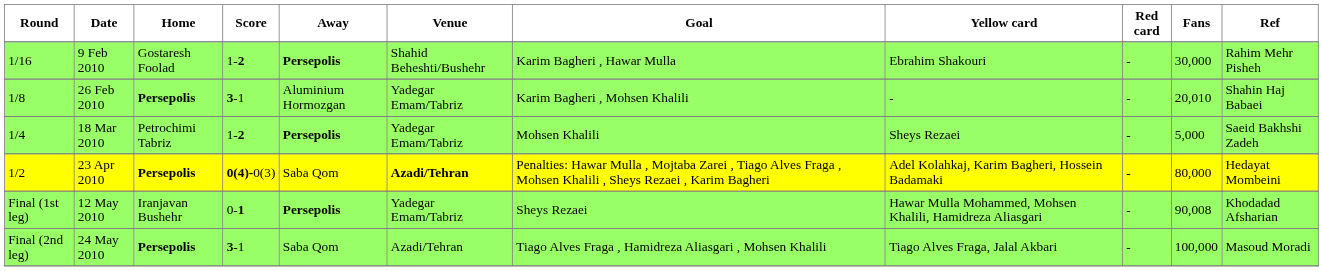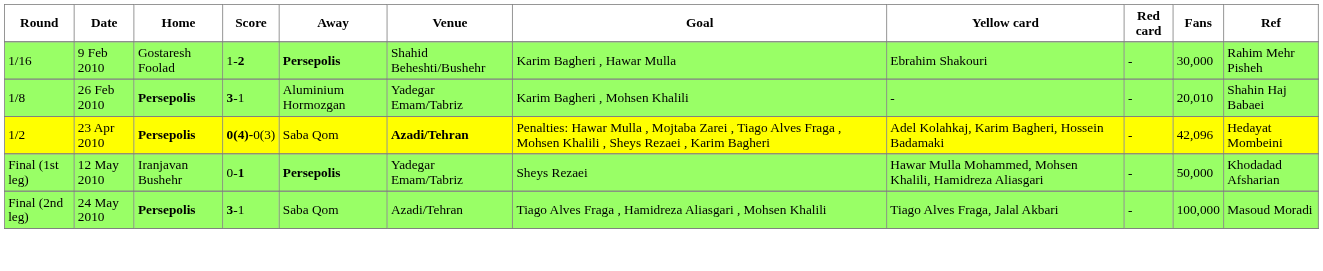 <table class="toccolours" border="1" cellpadding="4" cellspacing="0" style="border-collapse: collapse; margin:0;">
 <tr>
 <th>Round</th>
 <th>Date</th>
 <th>Home</th>
 <th>Score</th>
 <th>Away</th>
 <th>Venue</th>
 <th>Goal </th>
 <th>Yellow card </th>
 <th>Red card </th>
 <th>Fans</th>
 <th>Ref</th>
 </tr>
 <tr>
 </tr>
 <tr style="background: #99FF66;">
 <td>1/16</td>
 <td>9 Feb 2010</td>
 <td>Gostaresh Foolad</td>
 <td>1-<strong>2</strong></td>
 <td><strong>Persepolis</strong></td>
 <td>Shahid Beheshti/Bushehr</td>
 <td>Karim Bagheri , Hawar Mulla </td>
 <td>Ebrahim Shakouri</td>
 <td>-</td>
 <td>30,000</td>
 <td>Rahim Mehr Pisheh</td>
 </tr>
 <tr>
 </tr>
 <tr style="background: #99FF66;">
 <td>1/8</td>
 <td>26 Feb 2010</td>
 <td><strong>Persepolis</strong></td>
 <td><strong>3</strong>-1</td>
 <td>Aluminium Hormozgan</td>
 <td>Yadegar Emam/Tabriz</td>
 <td>Karim Bagheri , Mohsen Khalili </td>
 <td>-</td>
 <td>-</td>
 <td>20,010</td>
 <td>Shahin Haj Babaei</td>
 </tr>
 <tr>
 </tr>
-<tr style="background: #99FF66;">
-<td>1/4</td>
-<td>18 Mar 2010</td>
-<td>Petrochimi Tabriz</td>
-<td>1-<strong>2</strong></td>
-<td><strong>Persepolis</strong></td>
-<td>Yadegar Emam/Tabriz</td>
-<td>Mohsen Khalili </td>
-<td>Sheys Rezaei</td>
-<td>-</td>
-<td>5,000</td>
-<td>Saeid Bakhshi Zadeh</td>
-</tr>
 <tr>
 </tr>
 <tr style="background: #FFFF00">
 <td>1/2</td>
 <td>23 Apr 2010</td>
 <td><strong>Persepolis</strong></td>
 <td><strong>0(4)-</strong>0(3)</td>
 <td>Saba Qom</td>
 <td><strong>Azadi/Tehran</strong></td>
 <td>Penalties: Hawar Mulla , Mojtaba Zarei , Tiago Alves Fraga , Mohsen Khalili , Sheys Rezaei , Karim Bagheri </td>
 <td>Adel Kolahkaj, Karim Bagheri, Hossein Badamaki</td>
 <td>-</td>
-<td>80,000</td>
+<td>42,096</td>
 <td>Hedayat Mombeini</td>
 </tr>
 <tr>
 </tr>
 <tr style="background: #99FF66;">
 <td>Final (1st leg)</td>
 <td>12 May 2010</td>
 <td>Iranjavan Bushehr</td>
 <td>0-<strong>1</strong></td>
 <td><strong>Persepolis</strong></td>
 <td>Yadegar Emam/Tabriz</td>
 <td>Sheys Rezaei </td>
 <td>Hawar Mulla Mohammed, Mohsen Khalili, Hamidreza Aliasgari</td>
 <td>-</td>
-<td>90,008</td>
+<td>50,000</td>
 <td>Khodadad Afsharian</td>
 </tr>
 <tr>
 </tr>
 <tr style="background: #99FF66;">
 <td>Final (2nd leg)</td>
 <td>24 May 2010</td>
 <td><strong>Persepolis</strong></td>
 <td><strong>3</strong>-1</td>
 <td>Saba Qom</td>
 <td>Azadi/Tehran</td>
 <td>Tiago Alves Fraga , Hamidreza Aliasgari , Mohsen Khalili </td>
 <td>Tiago Alves Fraga, Jalal Akbari</td>
 <td>-</td>
 <td>100,000</td>
 <td>Masoud Moradi</td>
 </tr>
 <tr>
 </tr>
 </table>
